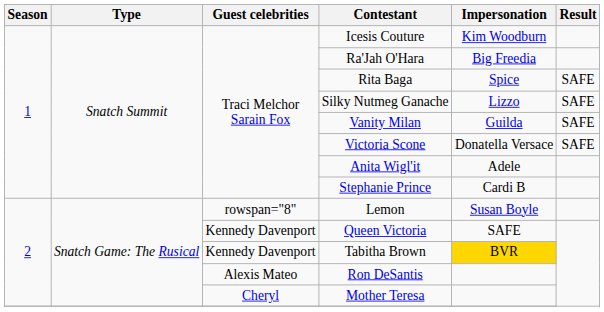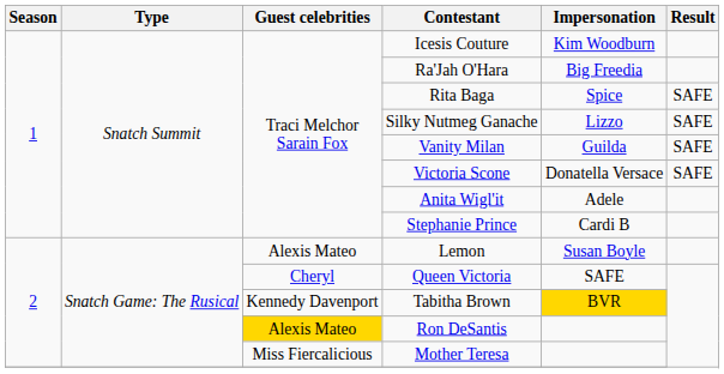 <table class="wikitable" style="text-align:center">
 <tr>
 <th>Season</th>
 <th>Type</th>
 <th>Guest celebrities</th>
 <th>Contestant</th>
 <th>Impersonation</th>
 <th>Result</th>
 </tr>
 <tr>
 <td rowspan="8"><a href='#'>1</a></td>
 <td rowspan="8"><em>Snatch Summit</em></td>
 <td rowspan="8">Traci Melchor<br><a href='#'>Sarain Fox</a></td>
 <td>Icesis Couture</td>
 <td><a href='#'>Kim Woodburn</a></td>
 <td></td>
 </tr>
 <tr>
 <td>Ra'Jah O'Hara</td>
 <td><a href='#'>Big Freedia</a></td>
 <td></td>
 </tr>
 <tr>
 <td>Rita Baga</td>
 <td><a href='#'>Spice</a></td>
 <td>SAFE</td>
 </tr>
 <tr>
 <td nowrap>Silky Nutmeg Ganache</td>
 <td><a href='#'>Lizzo</a></td>
 <td>SAFE</td>
 </tr>
 <tr>
 <td><a href='#'>Vanity Milan</a></td>
 <td><a href='#'>Guilda</a></td>
 <td>SAFE</td>
 </tr>
 <tr>
 <td><a href='#'>Victoria Scone</a></td>
 <td nowrap>Donatella Versace</td>
 <td>SAFE</td>
 </tr>
 <tr>
 <td><a href='#'>Anita Wigl'it</a></td>
 <td>Adele</td>
 <td></td>
 </tr>
 <tr>
 <td><a href='#'>Stephanie Prince</a></td>
 <td>Cardi B</td>
 <td></td>
 </tr>
 <tr>
 <td rowspan="5"><a href='#'>2</a></td>
 <td rowspan="5"><em>Snatch Game: The <a href='#'>Rusical</a></em></td>
-<td>rowspan="8" </td>
+<td>Alexis Mateo</td>
 <td>Lemon</td>
 <td><a href='#'>Susan Boyle</a></td>
 <td></td>
 </tr>
 <tr>
-<td>Kennedy Davenport</td>
+<td><a href='#'>Cheryl</a></td>
 <td><a href='#'>Queen Victoria</a></td>
 <td>SAFE</td>
 </tr>
 <tr>
 <td>Kennedy Davenport</td>
 <td>Tabitha Brown</td>
 <td bgcolor="gold">BVR</td>
 </tr>
 <tr>
-<td>Alexis Mateo</td>
+<td style="background: gold;">Alexis Mateo</td>
 <td><a href='#'>Ron DeSantis</a></td>
 <td></td>
 </tr>
 <tr>
-<td><a href='#'>Cheryl</a></td>
+<td>Miss Fiercalicious</td>
 <td><a href='#'>Mother Teresa</a></td>
 <td></td>
 </tr>
 <tr>
 </tr>
 </table>
